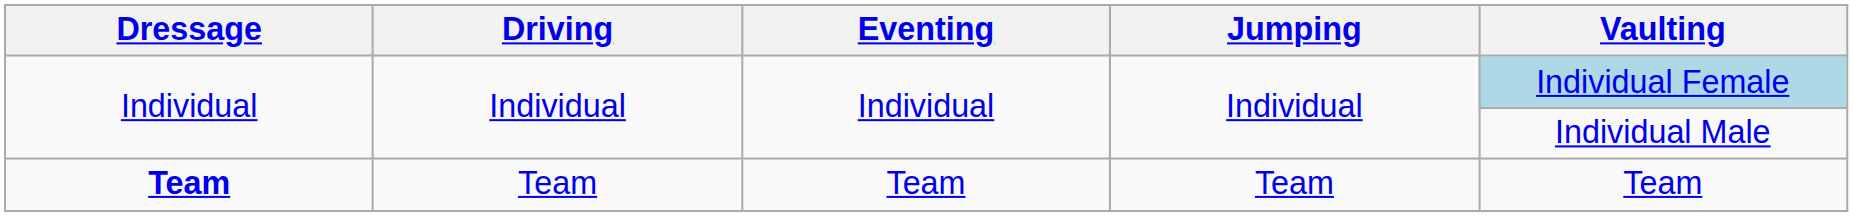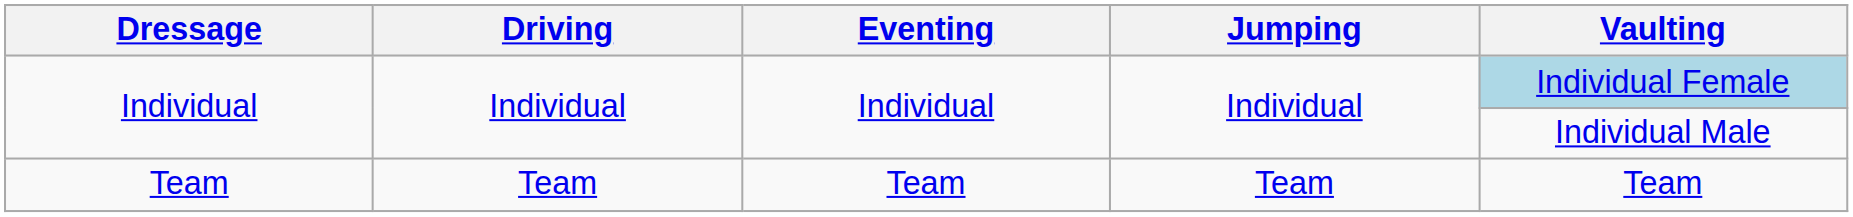 <table class="wikitable">
 <tr>
 <th width=175><a href='#'>Dressage</a></th>
 <th width=175><a href='#'>Driving</a></th>
 <th width=175><a href='#'>Eventing</a></th>
 <th width=175><a href='#'>Jumping</a></th>
 <th width=175><a href='#'>Vaulting</a></th>
 </tr>
 <tr>
 <td rowspan="2" align="center"><a href='#'>Individual</a></td>
 <td rowspan="2" align="center"><a href='#'>Individual</a></td>
 <td rowspan="2" align="center"><a href='#'>Individual</a></td>
 <td rowspan="2" align="center"><a href='#'>Individual</a></td>
 <td align="center" style="background: lightblue;"><a href='#'>Individual Female</a></td>
 </tr>
 <tr>
 <td align="center"><a href='#'>Individual Male</a></td>
 </tr>
 <tr>
-<td align="center"><strong><a href='#'>Team</a></strong></td>
+<td align="center"><a href='#'>Team</a></td>
 <td align="center"><a href='#'>Team</a></td>
 <td align="center"><a href='#'>Team</a></td>
 <td align="center"><a href='#'>Team</a></td>
 <td align="center"><a href='#'>Team</a></td>
 </tr>
 </table>
